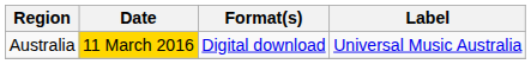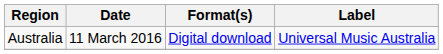 <table class="wikitable plainrowheaders">
 <tr>
 <th scope="col">Region</th>
 <th scope="col">Date</th>
 <th scope="col">Format(s)</th>
 <th scope="col">Label</th>
 </tr>
 <tr>
 <td>Australia</td>
-<td style="background: gold;">11 March 2016</td>
+<td>11 March 2016</td>
 <td><a href='#'>Digital download</a></td>
 <td><a href='#'>Universal Music Australia</a></td>
 </tr>
 <tr>
 </tr>
 </table>
